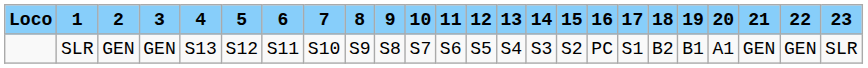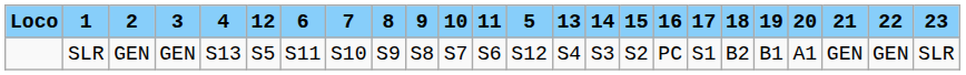 <table class="wikitable plainrowheaders unsortable" style="text-align:center">
 <tr>
 <th scope="col" rowspan="1" style="background:lightskyblue;">Loco</th>
 <th scope="col" rowspan="1" style="background:lightskyblue;">1</th>
 <th scope="col" rowspan="1" style="background:lightskyblue;">2</th>
 <th scope="col" rowspan="1" style="background:lightskyblue;">3</th>
 <th scope="col" rowspan="1" style="background:lightskyblue;">4</th>
-<th scope="col" rowspan="1" style="background:lightskyblue;">5</th>
+<th scope="col" rowspan="1" style="background:lightskyblue;">12</th>
 <th scope="col" rowspan="1" style="background:lightskyblue;">6</th>
 <th scope="col" rowspan="1" style="background:lightskyblue;">7</th>
 <th scope="col" rowspan="1" style="background:lightskyblue;">8</th>
 <th scope="col" rowspan="1" style="background:lightskyblue;">9</th>
 <th scope="col" rowspan="1" style="background:lightskyblue;">10</th>
 <th scope="col" rowspan="1" style="background:lightskyblue;">11</th>
-<th scope="col" rowspan="1" style="background:lightskyblue;">12</th>
+<th scope="col" rowspan="1" style="background:lightskyblue;">5</th>
 <th scope="col" rowspan="1" style="background:lightskyblue;">13</th>
 <th scope="col" rowspan="1" style="background:lightskyblue;">14</th>
 <th scope="col" rowspan="1" style="background:lightskyblue;">15</th>
 <th scope="col" rowspan="1" style="background:lightskyblue;">16</th>
 <th scope="col" rowspan="1" style="background:lightskyblue;">17</th>
 <th scope="col" rowspan="1" style="background:lightskyblue;">18</th>
 <th scope="col" rowspan="1" style="background:lightskyblue;">19</th>
 <th scope="col" rowspan="1" style="background:lightskyblue;">20</th>
 <th scope="col" rowspan="1" style="background:lightskyblue;">21</th>
 <th scope="col" rowspan="1" style="background:lightskyblue;">22</th>
 <th scope="col" rowspan="1" style="background:lightskyblue;">23</th>
 </tr>
 <tr>
 <td></td>
 <td>SLR</td>
 <td>GEN</td>
 <td>GEN</td>
 <td>S13</td>
-<td>S12</td>
+<td>S5</td>
 <td>S11</td>
 <td>S10</td>
 <td>S9</td>
 <td>S8</td>
 <td>S7</td>
 <td>S6</td>
-<td>S5</td>
+<td>S12</td>
 <td>S4</td>
 <td>S3</td>
 <td>S2</td>
 <td>PC</td>
 <td>S1</td>
 <td>B2</td>
 <td>B1</td>
 <td>A1</td>
 <td>GEN</td>
 <td>GEN</td>
 <td>SLR</td>
 </tr>
 </table>
